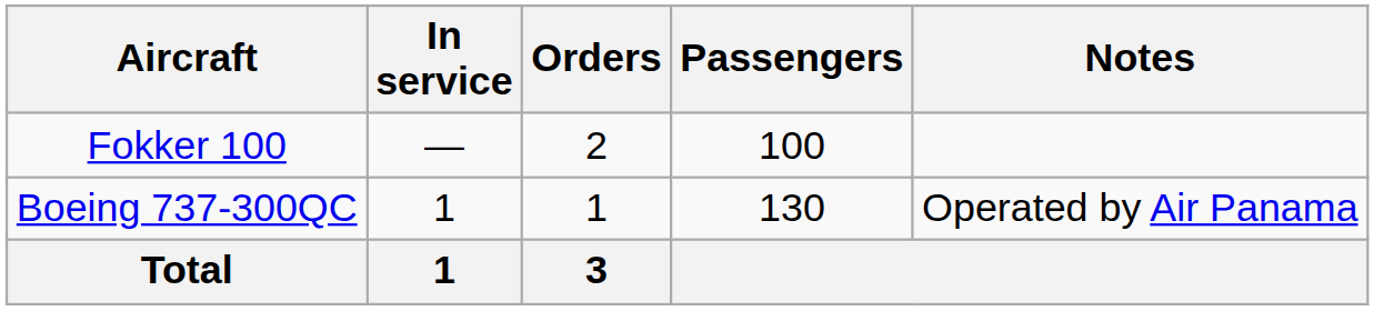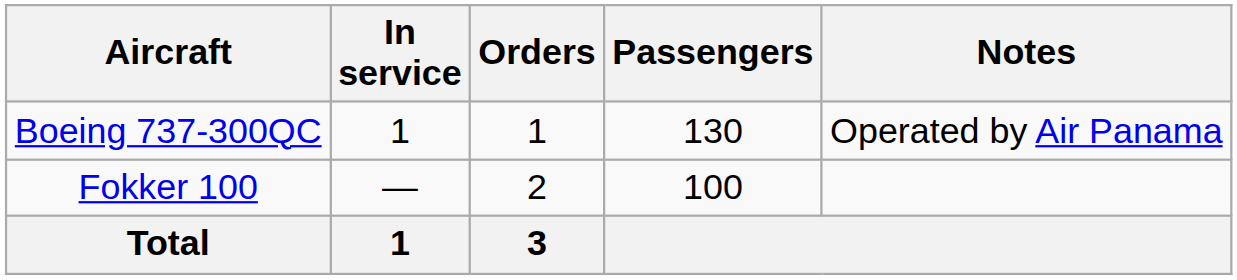 <table class="wikitable" style="margin:0.5em auto; text-align:center">
 <tr>
 <th>Aircraft</th>
 <th>In <br> service</th>
 <th>Orders</th>
 <th>Passengers</th>
 <th>Notes</th>
 </tr>
 <tr>
+<td><a href='#'>Boeing 737-300QC</a></td>
+<td>1</td>
+<td>1</td>
+<td>130</td>
+<td>Operated by <a href='#'>Air Panama</a></td>
+</tr>
+<tr>
 <td><a href='#'>Fokker 100</a></td>
 <td>—</td>
 <td>2</td>
 <td>100</td>
 <td></td>
-</tr>
-<tr>
-<td><a href='#'>Boeing 737-300QC</a></td>
-<td>1</td>
-<td>1</td>
-<td>130</td>
-<td>Operated by <a href='#'>Air Panama</a></td>
 </tr>
 <tr>
 <th>Total</th>
 <th>1</th>
 <th>3</th>
 <th colspan="2"></th>
 </tr>
 </table>
